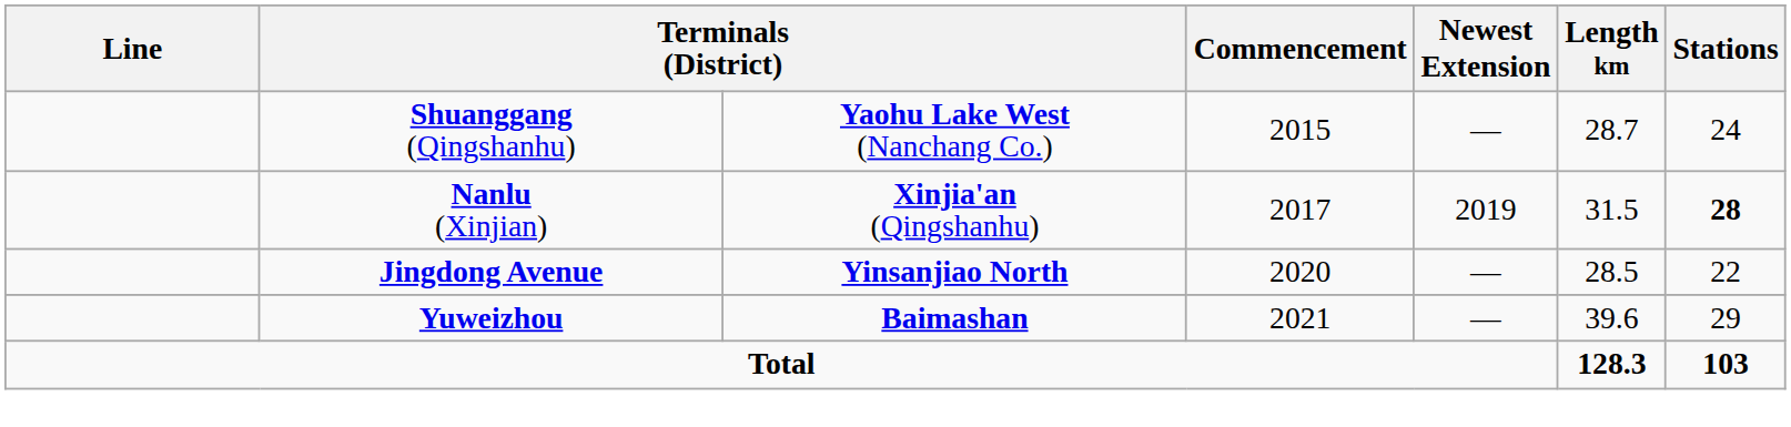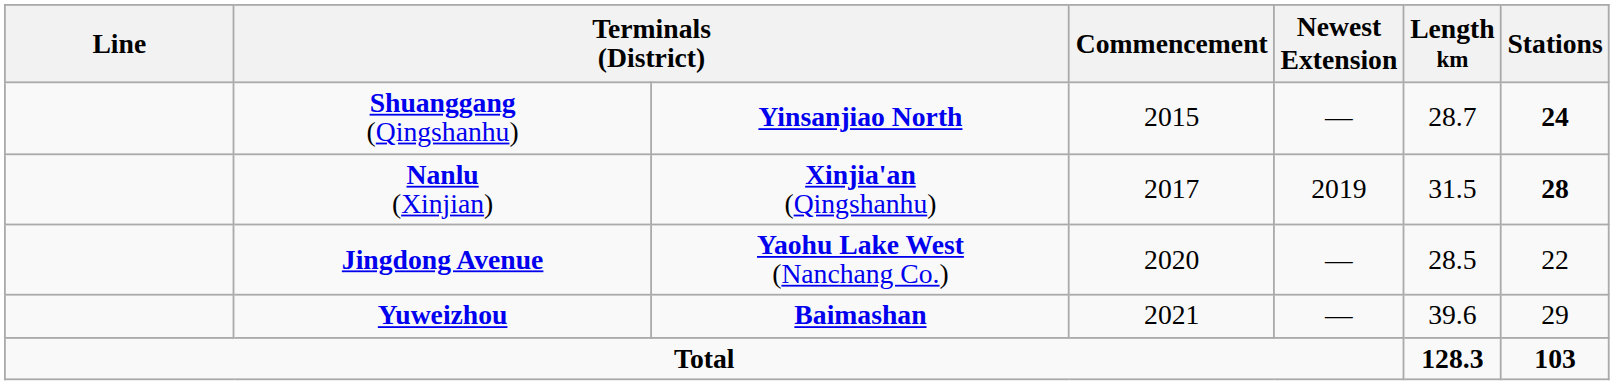 <table class="wikitable sortable" style="cell-padding:1.5; font-size:96%; text-align:center;">
 <tr>
 <th data-sort-type="text"style="width:120px;">Line</th>
 <th class="unsortable" colspan="2" style="width:450px; line-height:1.05">Terminals<br>(District)</th>
 <th>Commencement</th>
 <th>Newest<br>Extension</th>
 <th style="line-height:1.05">Length<br><small>km</small></th>
 <th style="line-height:1.05">Stations</th>
 </tr>
 <tr>
 <td style="text-align:center; line-height:1.05"></td>
 <td style="text-align:center; width:225px; line-height:1.05"><strong><a href='#'>Shuanggang</a></strong><br>(<a href='#'>Qingshanhu</a>)</td>
-<td style="text-align:center; width:225px; line-height:1.05"><strong><a href='#'>Yaohu Lake West</a></strong><br>(<a href='#'>Nanchang Co.</a>)</td>
+<td style="text-align:center; width:225px; line-height:1.05"><strong><a href='#'>Yinsanjiao North</a></strong></td>
 <td style="text-align:center; line-height:1.05">2015</td>
 <td style="text-align:center; line-height:1.05">—</td>
 <td style="text-align:center; line-height:1.05">28.7</td>
-<td style="text-align:center; line-height:1.05">24</td>
+<td style="text-align:center; line-height:1.05"><strong>24</strong></td>
 </tr>
 <tr>
 <td style="text-align:center; line-height:1.05"></td>
 <td style="text-align:center; width:225px; line-height:1.05"><strong><a href='#'>Nanlu</a></strong><br>(<a href='#'>Xinjian</a>)</td>
 <td style="text-align:center; width:225px; line-height:1.05"><strong><a href='#'>Xinjia'an</a></strong><br>(<a href='#'>Qingshanhu</a>)</td>
 <td style="text-align:center; line-height:1.05">2017</td>
 <td style="text-align:center; line-height:1.05">2019</td>
 <td style="text-align:center; line-height:1.05">31.5</td>
 <td style="text-align:center; line-height:1.05"><strong>28</strong></td>
 </tr>
 <tr>
 <td style="text-align:center; line-height:1.05"></td>
 <td style="text-align:center; width:225px; line-height:1.05"><strong><a href='#'>Jingdong Avenue</a></strong></td>
-<td style="text-align:center; width:225px; line-height:1.05"><strong><a href='#'>Yinsanjiao North</a></strong></td>
+<td style="text-align:center; width:225px; line-height:1.05"><strong><a href='#'>Yaohu Lake West</a></strong><br>(<a href='#'>Nanchang Co.</a>)</td>
 <td style="text-align:center; line-height:1.05">2020</td>
 <td style="text-align:center; line-height:1.05">—</td>
 <td style="text-align:center; line-height:1.05">28.5</td>
 <td style="text-align:center; line-height:1.05">22</td>
 </tr>
 <tr>
 <td style="text-align:center; line-height:1.05"></td>
 <td style="text-align:center; width:225px; line-height:1.05"><strong><a href='#'>Yuweizhou</a></strong></td>
 <td style="text-align:center; width:225px; line-height:1.05"><strong><a href='#'>Baimashan</a></strong></td>
 <td style="text-align:center; line-height:1.05">2021</td>
 <td style="text-align:center; line-height:1.05">—</td>
 <td style="text-align:center; line-height:1.05">39.6</td>
 <td style="text-align:center; line-height:1.05">29</td>
 </tr>
 <tr class="sortbottom">
 <td style="text-align:center; line-height:1.05" colspan="5"><strong>Total</strong></td>
 <td style="text-align:center; line-height:1.05"><strong>128.3</strong></td>
 <td style="text-align:center; line-height:1.05"><strong>103</strong></td>
 </tr>
 </table>
